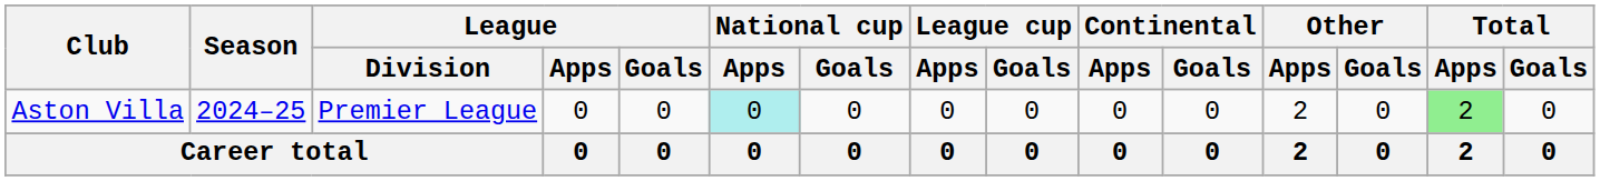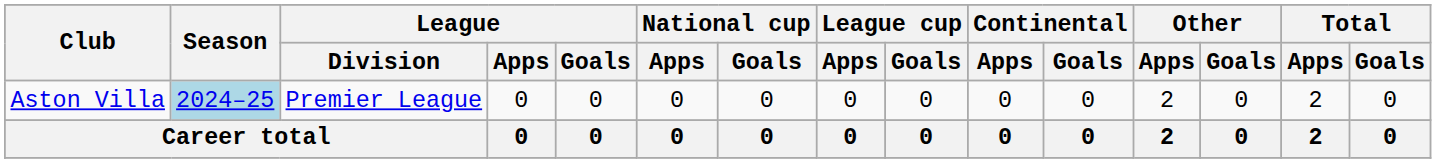 <table class="wikitable" style="text-align:center">
 <tr>
 <th rowspan="2">Club</th>
 <th rowspan="2">Season</th>
 <th colspan="3">League</th>
 <th colspan="2">National cup</th>
 <th colspan="2">League cup</th>
 <th colspan="2">Continental</th>
 <th colspan="2">Other</th>
 <th colspan="2">Total</th>
 </tr>
 <tr>
 <th>Division</th>
 <th>Apps</th>
 <th>Goals</th>
 <th>Apps</th>
 <th>Goals</th>
 <th>Apps</th>
 <th>Goals</th>
 <th>Apps</th>
 <th>Goals</th>
 <th>Apps</th>
 <th>Goals</th>
 <th>Apps</th>
 <th>Goals</th>
 </tr>
 <tr>
 <td><a href='#'>Aston Villa</a></td>
-<td><a href='#'>2024–25</a></td>
+<td style="background: lightblue;"><a href='#'>2024–25</a></td>
 <td><a href='#'>Premier League</a></td>
 <td>0</td>
 <td>0</td>
-<td style="background: paleturquoise;">0</td>
+<td>0</td>
 <td>0</td>
 <td>0</td>
 <td>0</td>
 <td>0</td>
 <td>0</td>
 <td>2</td>
 <td>0</td>
-<td style="background: lightgreen;">2</td>
+<td>2</td>
 <td>0</td>
 </tr>
 <tr>
 <th colspan="3">Career total</th>
 <th>0</th>
 <th>0</th>
 <th>0</th>
 <th>0</th>
 <th>0</th>
 <th>0</th>
 <th>0</th>
 <th>0</th>
 <th>2</th>
 <th>0</th>
 <th>2</th>
 <th>0</th>
 </tr>
 </table>
